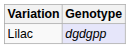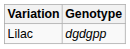 <table class="wikitable" style="margin:1em auto;">
 <tr>
 <th>Variation</th>
 <th>Genotype</th>
 </tr>
 <tr>
 <td>Lilac</td>
-<td style="background: lavender;"><em>dgdgpp</em></td>
+<td><em>dgdgpp</em></td>
 </tr>
 </table>
